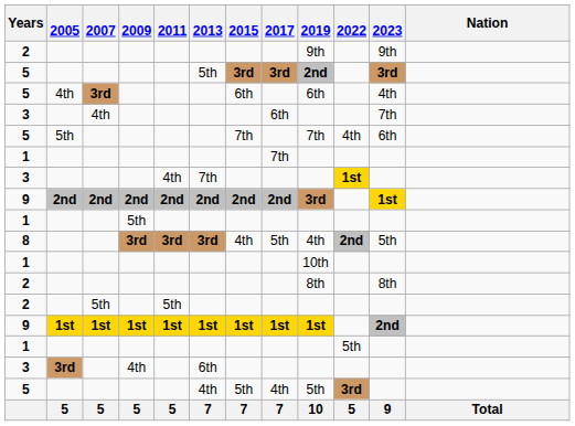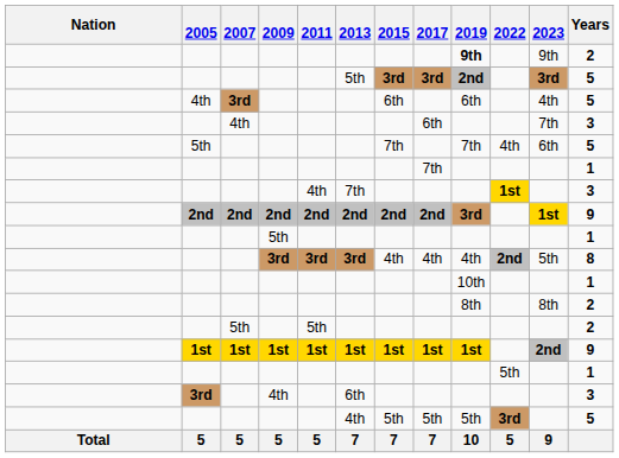 <table class="wikitable" style="text-align:center; font-size:90%">
 <tr>
-<th>Years</th>
+<th width=170>Nation</th>
 <th><br><a href='#'>2005</a></th>
 <th><br><a href='#'>2007</a></th>
 <th><br><a href='#'>2009</a></th>
 <th><br><a href='#'>2011</a></th>
 <th><br><a href='#'>2013</a></th>
 <th><br><a href='#'>2015</a></th>
 <th><br><a href='#'>2017</a></th>
 <th><br><a href='#'>2019</a></th>
 <th><br><a href='#'>2022</a></th>
 <th><br><a href='#'>2023</a></th>
-<th width=170>Nation</th>
+<th>Years</th>
 </tr>
 <tr>
-<td><strong>2</strong></td>
+<td align=left></td>
 <td></td>
 <td></td>
 <td></td>
 <td></td>
 <td></td>
 <td></td>
 <td></td>
-<td>9th</td>
+<td><strong>9th</strong></td>
 <td></td>
 <td>9th</td>
-<td align=left></td>
+<td><strong>2</strong></td>
 </tr>
 <tr>
-<td><strong>5</strong></td>
+<td align=left></td>
 <td></td>
 <td></td>
 <td></td>
 <td></td>
 <td>5th</td>
 <td bgcolor="#cc9966"><strong>3rd</strong></td>
 <td bgcolor="#cc9966"><strong>3rd</strong></td>
 <td bgcolor="silver"><strong>2nd</strong></td>
 <td></td>
 <td bgcolor="#cc9966"><strong>3rd</strong></td>
-<td align=left></td>
+<td><strong>5</strong></td>
 </tr>
 <tr>
-<td><strong>5</strong></td>
+<td align=left></td>
 <td>4th</td>
 <td bgcolor="#cc9966"><strong>3rd</strong></td>
 <td></td>
 <td></td>
 <td></td>
 <td>6th</td>
 <td></td>
 <td>6th</td>
 <td></td>
 <td>4th</td>
-<td align=left></td>
+<td><strong>5</strong></td>
 </tr>
 <tr>
-<td><strong>3</strong></td>
+<td align=left></td>
 <td></td>
 <td>4th</td>
 <td></td>
 <td></td>
 <td></td>
 <td></td>
 <td>6th</td>
 <td></td>
 <td></td>
 <td>7th</td>
-<td align=left></td>
+<td><strong>3</strong></td>
 </tr>
 <tr>
-<td><strong>5</strong></td>
+<td align=left></td>
 <td>5th</td>
 <td></td>
 <td></td>
 <td></td>
 <td></td>
 <td>7th</td>
 <td></td>
 <td>7th</td>
 <td>4th</td>
 <td>6th</td>
-<td align=left></td>
+<td><strong>5</strong></td>
 </tr>
 <tr>
-<td><strong>1</strong></td>
+<td align=left></td>
 <td></td>
 <td></td>
 <td></td>
 <td></td>
 <td></td>
 <td></td>
 <td>7th</td>
 <td></td>
 <td></td>
 <td></td>
-<td align=left></td>
+<td><strong>1</strong></td>
 </tr>
 <tr>
-<td><strong>3</strong></td>
+<td align=left></td>
 <td></td>
 <td></td>
 <td></td>
 <td>4th</td>
 <td>7th</td>
 <td></td>
 <td></td>
 <td></td>
 <td bgcolor="gold"><strong>1st</strong></td>
 <td></td>
-<td align=left></td>
+<td><strong>3</strong></td>
 </tr>
 <tr>
-<td><strong>9</strong></td>
+<td align=left></td>
 <td bgcolor="silver"><strong>2nd</strong></td>
 <td bgcolor="silver"><strong>2nd</strong></td>
 <td bgcolor="silver"><strong>2nd</strong></td>
 <td bgcolor="silver"><strong>2nd</strong></td>
 <td bgcolor="silver"><strong>2nd</strong></td>
 <td bgcolor="silver"><strong>2nd</strong></td>
 <td bgcolor="silver"><strong>2nd</strong></td>
 <td bgcolor="#cc9966"><strong>3rd</strong></td>
 <td></td>
 <td bgcolor="gold"><strong>1st</strong></td>
-<td align=left></td>
+<td><strong>9</strong></td>
 </tr>
 <tr>
-<td><strong>1</strong></td>
+<td align=left></td>
 <td></td>
 <td></td>
 <td>5th</td>
 <td></td>
 <td></td>
 <td></td>
 <td></td>
 <td></td>
 <td></td>
 <td></td>
-<td align=left></td>
+<td><strong>1</strong></td>
 </tr>
 <tr>
-<td><strong>8</strong></td>
+<td align=left></td>
 <td></td>
 <td></td>
 <td bgcolor="#cc9966"><strong>3rd</strong></td>
 <td bgcolor="#cc9966"><strong>3rd</strong></td>
 <td bgcolor="#cc9966"><strong>3rd</strong></td>
 <td>4th</td>
-<td>5th</td>
+<td>4th</td>
 <td>4th</td>
 <td bgcolor="silver"><strong>2nd</strong></td>
 <td>5th</td>
-<td align=left></td>
+<td><strong>8</strong></td>
 </tr>
 <tr>
-<td><strong>1</strong></td>
+<td align=left></td>
 <td></td>
 <td></td>
 <td></td>
 <td></td>
 <td></td>
 <td></td>
 <td></td>
 <td>10th</td>
 <td></td>
 <td></td>
-<td align=left></td>
+<td><strong>1</strong></td>
 </tr>
 <tr>
-<td><strong>2</strong></td>
+<td align=left></td>
 <td></td>
 <td></td>
 <td></td>
 <td></td>
 <td></td>
 <td></td>
 <td></td>
 <td>8th</td>
 <td></td>
 <td>8th</td>
-<td align=left></td>
+<td><strong>2</strong></td>
 </tr>
 <tr>
-<td><strong>2</strong></td>
+<td align=left></td>
 <td></td>
 <td>5th</td>
 <td></td>
 <td>5th</td>
 <td></td>
 <td></td>
 <td></td>
 <td></td>
 <td></td>
 <td></td>
-<td align=left></td>
+<td><strong>2</strong></td>
 </tr>
 <tr>
-<td><strong>9</strong></td>
+<td align=left></td>
 <td bgcolor="gold"><strong>1st</strong></td>
 <td bgcolor="gold"><strong>1st</strong></td>
 <td bgcolor="gold"><strong>1st</strong></td>
 <td bgcolor="gold"><strong>1st</strong></td>
 <td bgcolor="gold"><strong>1st</strong></td>
 <td bgcolor="gold"><strong>1st</strong></td>
 <td bgcolor="gold"><strong>1st</strong></td>
 <td bgcolor="gold"><strong>1st</strong></td>
 <td></td>
 <td bgcolor="silver"><strong>2nd</strong></td>
-<td align=left></td>
+<td><strong>9</strong></td>
 </tr>
 <tr>
-<td><strong>1</strong></td>
+<td align=left></td>
 <td></td>
 <td></td>
 <td></td>
 <td></td>
 <td></td>
 <td></td>
 <td></td>
 <td></td>
 <td>5th</td>
 <td></td>
-<td align=left></td>
+<td><strong>1</strong></td>
 </tr>
 <tr>
-<td><strong>3</strong></td>
+<td align=left></td>
 <td bgcolor="#cc9966"><strong>3rd</strong></td>
 <td></td>
 <td>4th</td>
 <td></td>
 <td>6th</td>
 <td></td>
 <td></td>
 <td></td>
 <td></td>
 <td></td>
-<td align=left></td>
+<td><strong>3</strong></td>
 </tr>
 <tr>
-<td><strong>5</strong></td>
+<td align=left></td>
 <td></td>
 <td></td>
 <td></td>
 <td></td>
 <td>4th</td>
 <td>5th</td>
-<td>4th</td>
+<td>5th</td>
 <td>5th</td>
 <td bgcolor="#cc9966"><strong>3rd</strong></td>
 <td></td>
-<td align=left></td>
+<td><strong>5</strong></td>
 </tr>
 <tr>
-<th></th>
+<th>Total</th>
 <th>5</th>
 <th>5</th>
 <th>5</th>
 <th>5</th>
 <th>7</th>
 <th>7</th>
 <th>7</th>
 <th>10</th>
 <th>5</th>
 <th>9</th>
-<th>Total</th>
+<th></th>
 </tr>
 </table>
